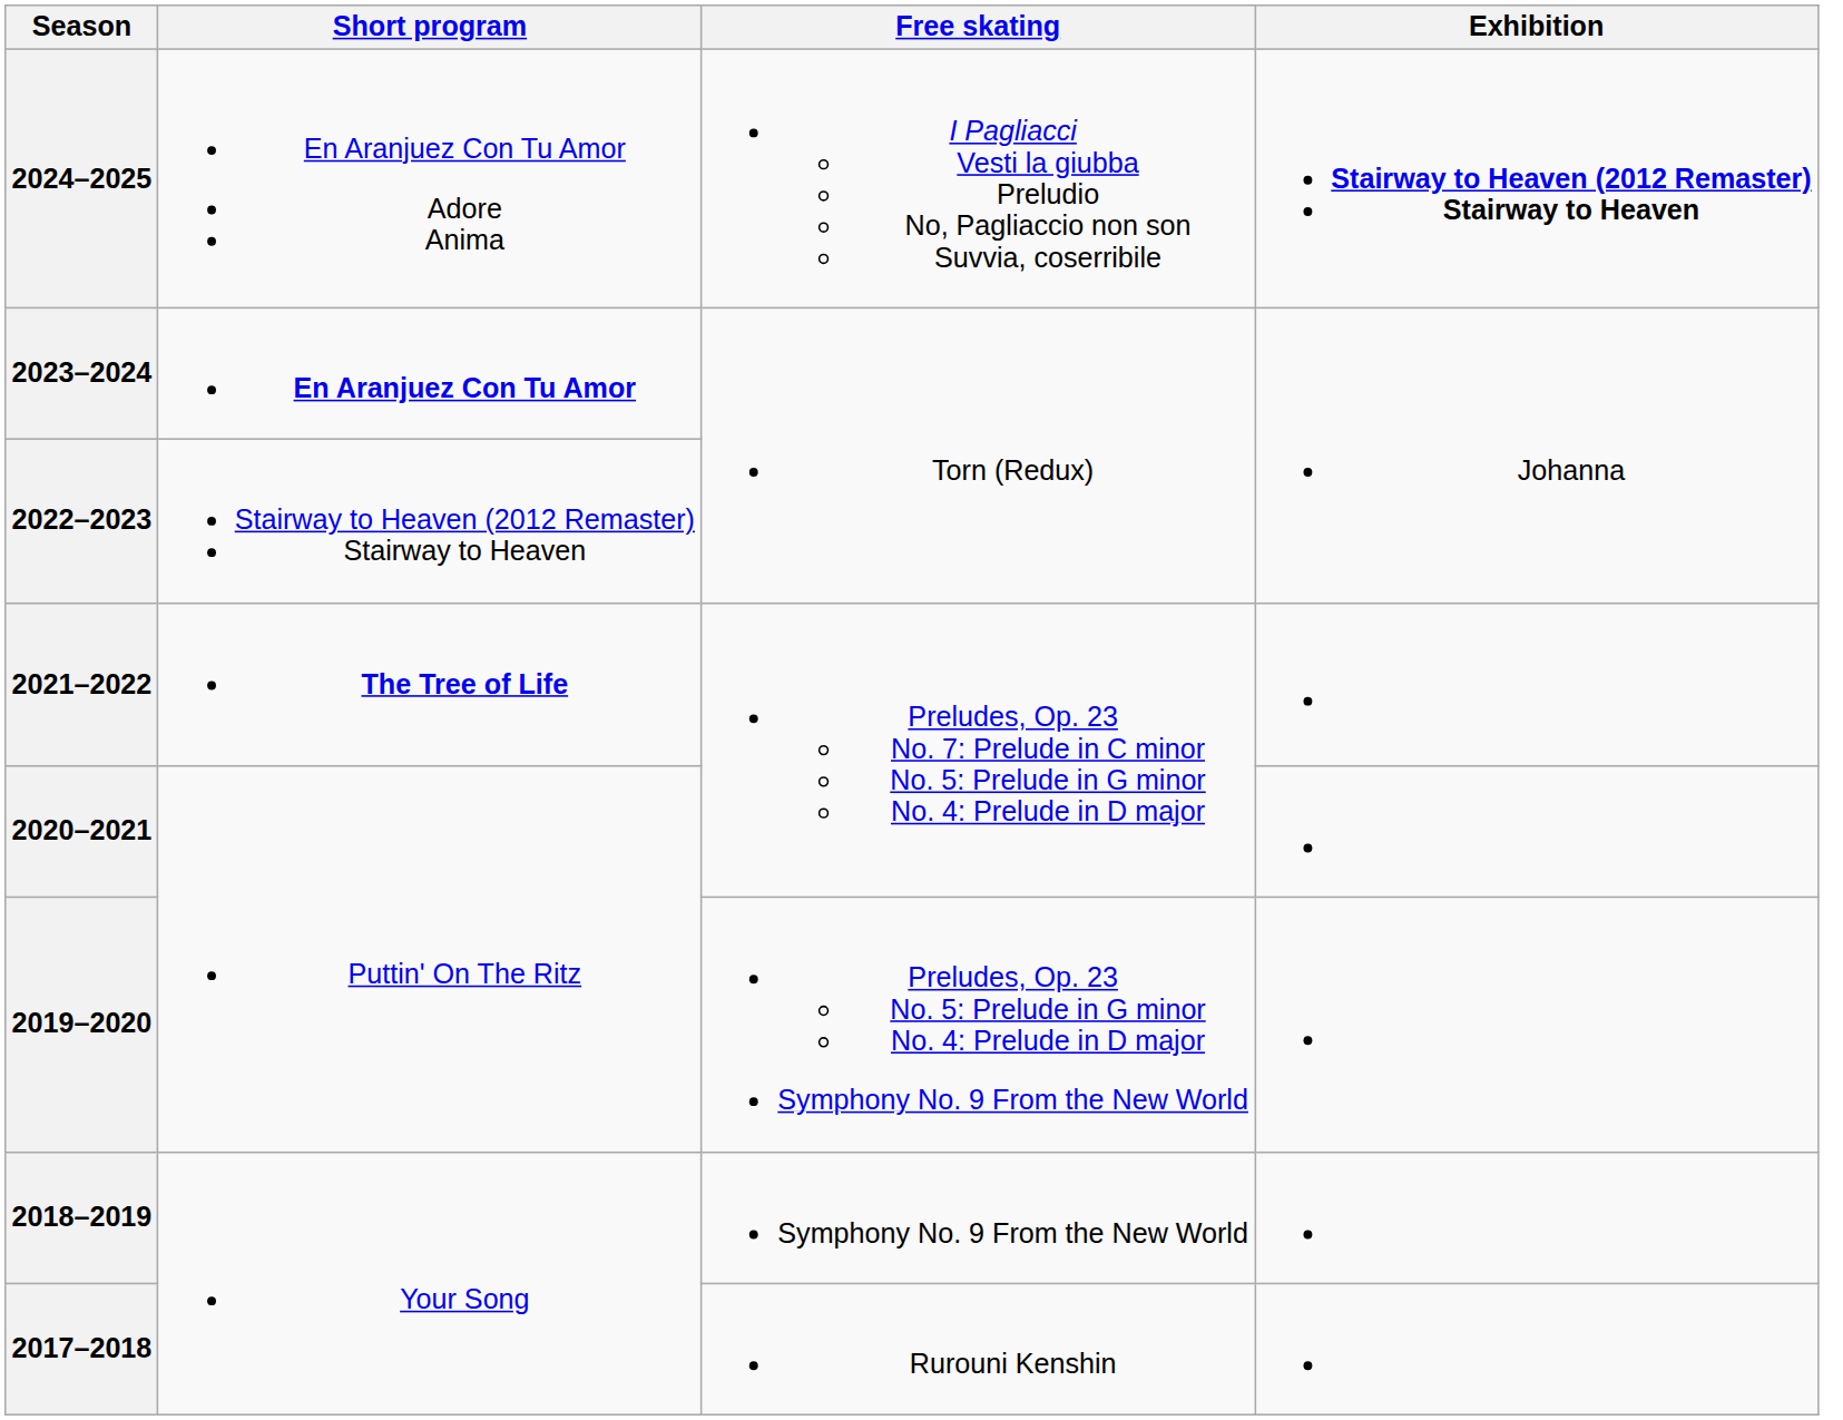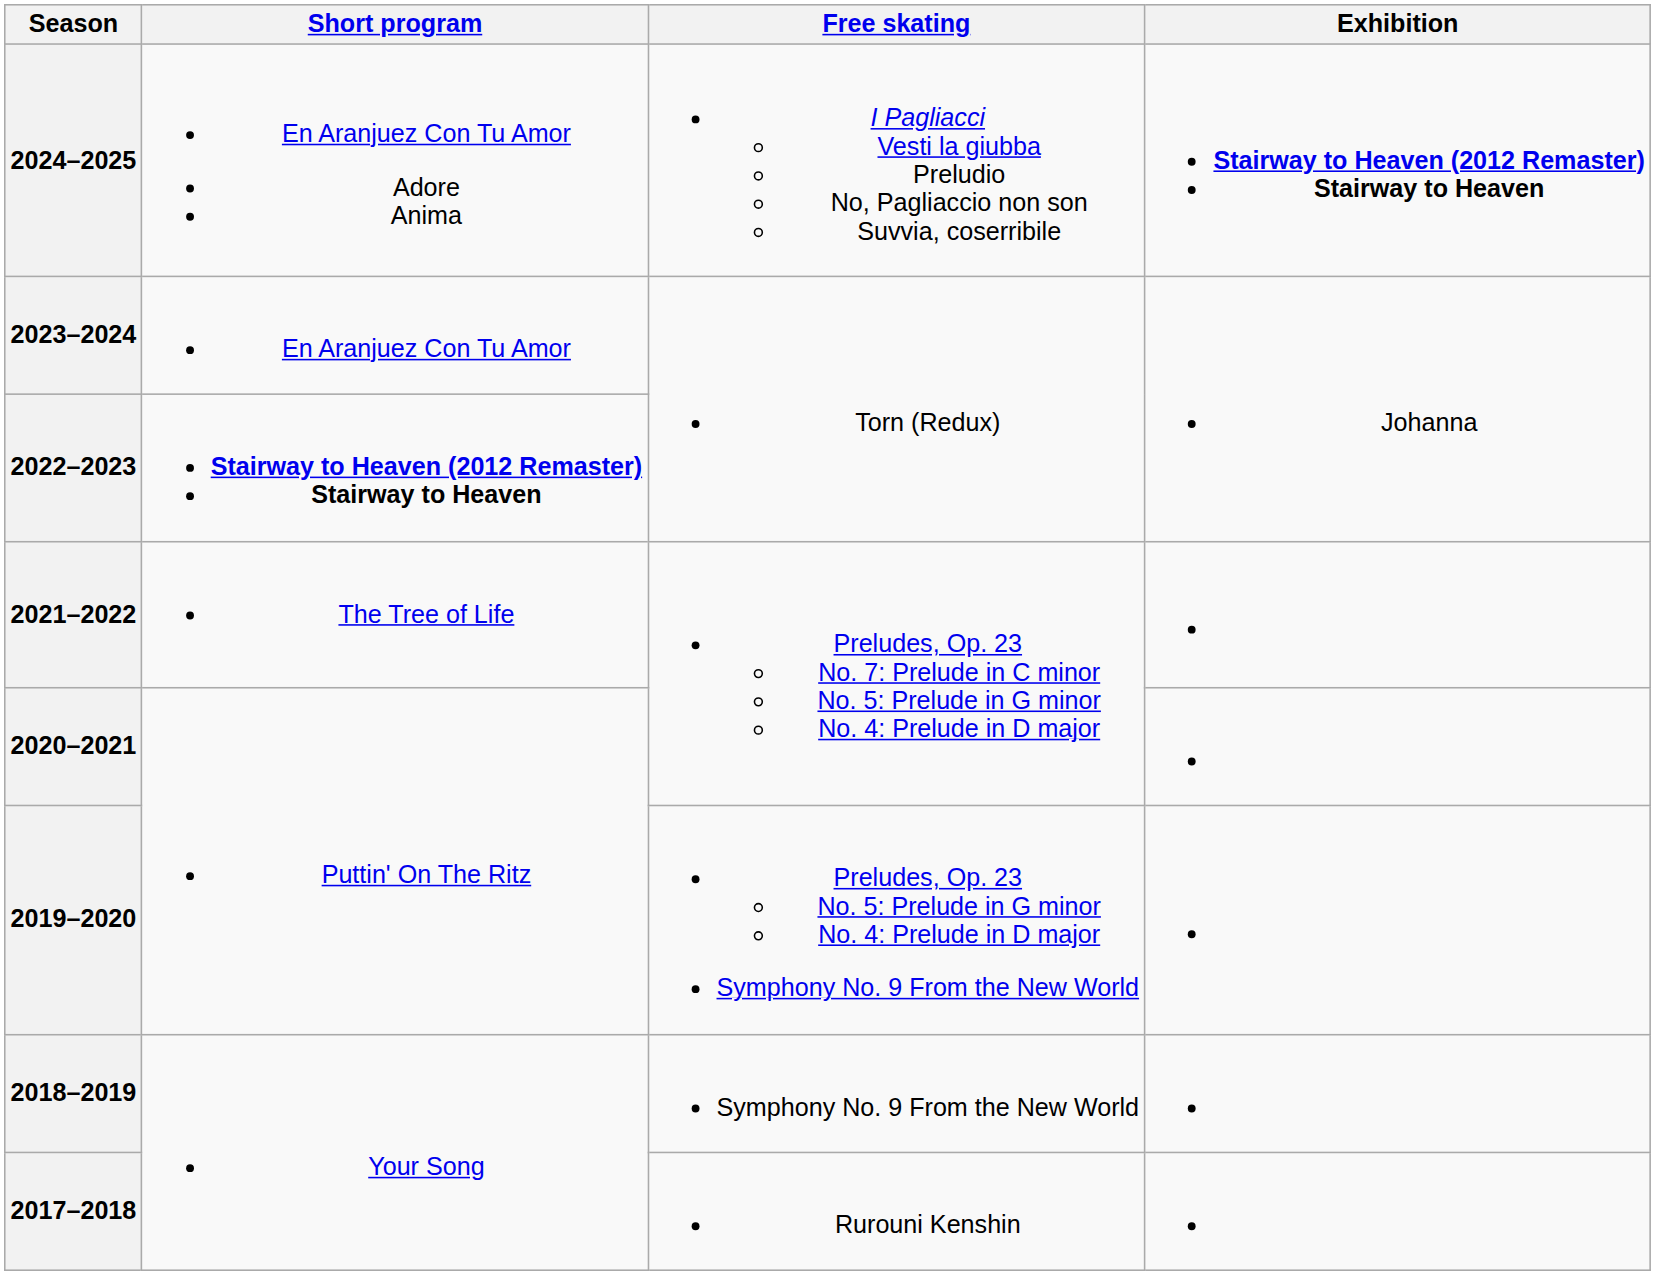 <table class=wikitable style=text-align:center>
 <tr>
 <th>Season</th>
 <th><a href='#'>Short program</a></th>
 <th><a href='#'>Free skating</a></th>
 <th>Exhibition</th>
 </tr>
 <tr>
 <th>2024–2025 <br> </th>
 <td><br><ul><li><a href='#'>En Aranjuez Con Tu Amor</a> <br></li></ul><ul><li>Adore</li><li>Anima <br> </li></ul></td>
 <td><br><ul><li><em><a href='#'>I Pagliacci</a></em><ul><li><a href='#'>Vesti la giubba</a></li><li>Preludio</li><li>No, Pagliaccio non son</li><li>Suvvia, coserribile <br></li></ul></li></ul></td>
 <td><strong><br><ul><li><a href='#'>Stairway to Heaven (2012 Remaster)</a> <br></li><li>Stairway to Heaven <br></li></ul></strong></td>
 </tr>
 <tr>
 <th>2023–2024 <br> </th>
-<td><strong><br><ul><li><a href='#'>En Aranjuez Con Tu Amor</a> <br></li></ul></strong></td>
+<td><br><ul><li><a href='#'>En Aranjuez Con Tu Amor</a> <br></li></ul></td>
 <td rowspan=2><br><ul><li>Torn (Redux) <br></li></ul></td>
 <td rowspan=2><br><ul><li>Johanna <br></li></ul></td>
 </tr>
 <tr>
 <th>2022–2023 <br> </th>
-<td><br><ul><li><a href='#'>Stairway to Heaven (2012 Remaster)</a> <br></li><li>Stairway to Heaven <br></li></ul></td>
+<td><strong><br><ul><li><a href='#'>Stairway to Heaven (2012 Remaster)</a> <br></li><li>Stairway to Heaven <br></li></ul></strong></td>
 </tr>
 <tr>
 <th>2021–2022 <br> </th>
-<td><strong><br><ul><li><a href='#'>The Tree of Life</a> <br><br></li></ul></strong></td>
+<td><br><ul><li><a href='#'>The Tree of Life</a> <br><br></li></ul></td>
 <td rowspan="2"><br><ul><li><a href='#'>Preludes, Op. 23</a><ul><li><a href='#'>No. 7: Prelude in C minor</a></li><li><a href='#'>No. 5: Prelude in G minor</a></li><li><a href='#'>No. 4: Prelude in D major</a> <br></li></ul></li></ul></td>
 <td><br><ul><li></li></ul></td>
 </tr>
 <tr>
 <th>2020–2021</th>
 <td rowspan=2><br><ul><li><a href='#'>Puttin' On The Ritz</a> <br></li></ul></td>
 <td><br><ul><li></li></ul></td>
 </tr>
 <tr>
 <th>2019–2020<br></th>
 <td><br><ul><li><a href='#'>Preludes, Op. 23</a><ul><li><a href='#'>No. 5: Prelude in G minor</a></li><li><a href='#'>No. 4: Prelude in D major</a> <br></li></ul></li></ul><ul><li><a href='#'>Symphony No. 9 From the New World</a> <br></li></ul></td>
 <td><br><ul><li></li></ul></td>
 </tr>
 <tr>
 <th>2018–2019 <br></th>
 <td rowspan=2><br><ul><li><a href='#'>Your Song</a> <br></li></ul></td>
 <td><br><ul><li>Symphony No. 9 From the New World <br></li></ul></td>
 <td><br><ul><li></li></ul></td>
 </tr>
 <tr>
 <th>2017–2018 <br></th>
 <td><br><ul><li>Rurouni Kenshin <br></li></ul></td>
 <td><br><ul><li></li></ul></td>
 </tr>
 </table>
